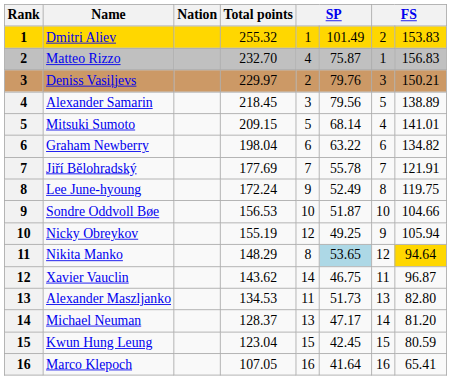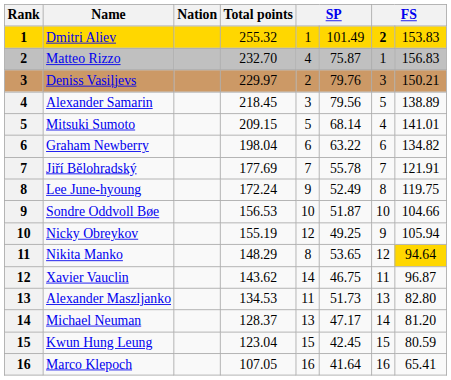 <table class="wikitable sortable">
 <tr>
 <th>Rank</th>
 <th>Name</th>
 <th>Nation</th>
 <th>Total points</th>
 <th colspan="2" width="80px"><a href='#'>SP</a></th>
 <th colspan="2" width="80px"><a href='#'>FS</a></th>
 </tr>
 <tr bgcolor="gold">
 <td align="center"><strong>1</strong></td>
 <td><a href='#'>Dmitri Aliev</a></td>
 <td></td>
 <td align="center">255.32</td>
 <td align="center">1</td>
 <td align="center">101.49</td>
-<td align="center">2</td>
+<td align="center"><strong>2</strong></td>
 <td align="center">153.83</td>
 </tr>
 <tr bgcolor="silver">
 <td align="center"><strong>2</strong></td>
 <td><a href='#'>Matteo Rizzo</a></td>
 <td></td>
 <td align="center">232.70</td>
 <td align="center">4</td>
 <td align="center">75.87</td>
 <td align="center">1</td>
 <td align="center">156.83</td>
 </tr>
 <tr bgcolor="cc9966">
 <td align="center"><strong>3</strong></td>
 <td><a href='#'>Deniss Vasiļjevs</a></td>
 <td></td>
 <td align="center">229.97</td>
 <td align="center">2</td>
 <td align="center">79.76</td>
 <td align="center">3</td>
 <td align="center">150.21</td>
 </tr>
 <tr>
 <th>4</th>
 <td><a href='#'>Alexander Samarin</a></td>
 <td></td>
 <td align="center">218.45</td>
 <td align="center">3</td>
 <td align="center">79.56</td>
 <td align="center">5</td>
 <td align="center">138.89</td>
 </tr>
 <tr>
 <th>5</th>
 <td><a href='#'>Mitsuki Sumoto</a></td>
 <td></td>
 <td align="center">209.15</td>
 <td align="center">5</td>
 <td align="center">68.14</td>
 <td align="center">4</td>
 <td align="center">141.01</td>
 </tr>
 <tr>
 <th>6</th>
 <td><a href='#'>Graham Newberry</a></td>
 <td></td>
 <td align="center">198.04</td>
 <td align="center">6</td>
 <td align="center">63.22</td>
 <td align="center">6</td>
 <td align="center">134.82</td>
 </tr>
 <tr>
 <th>7</th>
 <td><a href='#'>Jiří Bělohradský</a></td>
 <td></td>
 <td align="center">177.69</td>
 <td align="center">7</td>
 <td align="center">55.78</td>
 <td align="center">7</td>
 <td align="center">121.91</td>
 </tr>
 <tr>
 <th>8</th>
 <td><a href='#'>Lee June-hyoung</a></td>
 <td></td>
 <td align="center">172.24</td>
 <td align="center">9</td>
 <td align="center">52.49</td>
 <td align="center">8</td>
 <td align="center">119.75</td>
 </tr>
 <tr>
 <th>9</th>
 <td><a href='#'>Sondre Oddvoll Bøe</a></td>
 <td></td>
 <td align="center">156.53</td>
 <td align="center">10</td>
 <td align="center">51.87</td>
 <td align="center">10</td>
 <td align="center">104.66</td>
 </tr>
 <tr>
 <th>10</th>
 <td><a href='#'>Nicky Obreykov</a></td>
 <td></td>
 <td align="center">155.19</td>
 <td align="center">12</td>
 <td align="center">49.25</td>
 <td align="center">9</td>
 <td align="center">105.94</td>
 </tr>
 <tr>
 <th>11</th>
 <td><a href='#'>Nikita Manko</a></td>
 <td></td>
 <td align="center">148.29</td>
 <td align="center">8</td>
-<td align="center" style="background: lightblue;">53.65</td>
+<td align="center">53.65</td>
 <td align="center">12</td>
 <td align="center" style="background: gold;">94.64</td>
 </tr>
 <tr>
 <th>12</th>
 <td><a href='#'>Xavier Vauclin</a></td>
 <td></td>
 <td align="center">143.62</td>
 <td align="center">14</td>
 <td align="center">46.75</td>
 <td align="center">11</td>
 <td align="center">96.87</td>
 </tr>
 <tr>
 <th>13</th>
 <td><a href='#'>Alexander Maszljanko</a></td>
 <td></td>
 <td align="center">134.53</td>
 <td align="center">11</td>
 <td align="center">51.73</td>
 <td align="center">13</td>
 <td align="center">82.80</td>
 </tr>
 <tr>
 <th>14</th>
 <td><a href='#'>Michael Neuman</a></td>
 <td></td>
 <td align="center">128.37</td>
 <td align="center">13</td>
 <td align="center">47.17</td>
 <td align="center">14</td>
 <td align="center">81.20</td>
 </tr>
 <tr>
 <th>15</th>
 <td><a href='#'>Kwun Hung Leung</a></td>
 <td></td>
 <td align="center">123.04</td>
 <td align="center">15</td>
 <td align="center">42.45</td>
 <td align="center">15</td>
 <td align="center">80.59</td>
 </tr>
 <tr>
 <th>16</th>
 <td><a href='#'>Marco Klepoch</a></td>
 <td></td>
 <td align="center">107.05</td>
 <td align="center">16</td>
 <td align="center">41.64</td>
 <td align="center">16</td>
 <td align="center">65.41</td>
 </tr>
 </table>
